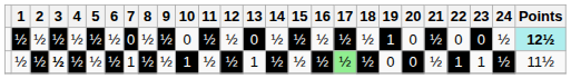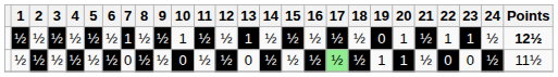 <table class="wikitable" style="text-align:center">
 <tr>
 <th></th>
 <th>1</th>
 <th>2</th>
 <th>3</th>
 <th>4</th>
 <th>5</th>
 <th>6</th>
 <th>7</th>
 <th>8</th>
 <th>9</th>
 <th>10</th>
 <th>11</th>
 <th>12</th>
 <th>13</th>
 <th>14</th>
 <th>15</th>
 <th>16</th>
 <th>17</th>
 <th>18</th>
 <th>19</th>
 <th>20</th>
 <th>21</th>
 <th>22</th>
 <th>23</th>
 <th>24</th>
 <th>Points</th>
 </tr>
 <tr>
 <td align=left></td>
 <td style="background:black; color:white">½</td>
 <td>½</td>
 <td style="background:black; color:white">½</td>
 <td>½</td>
 <td style="background:black; color:white">½</td>
 <td>½</td>
+<td style="background:black; color:white">1</td>
+<td>½</td>
+<td style="background:black; color:white">½</td>
+<td>1</td>
+<td style="background:black; color:white">½</td>
+<td>½</td>
+<td style="background:black; color:white">1</td>
+<td>½</td>
+<td style="background:black; color:white">½</td>
+<td>½</td>
+<td style="background:black; color:white">½</td>
+<td>½</td>
 <td style="background:black; color:white">0</td>
+<td>1</td>
+<td style="background:black; color:white">½</td>
+<td>1</td>
+<td style="background:black; color:white">1</td>
+<td>½</td>
+<td><strong>12½</strong></td>
+</tr>
+<tr>
+<td align=left></td>
+<td>½</td>
+<td style="background:black; color:white">½</td>
+<td>½</td>
+<td style="background:black; color:white">½</td>
 <td>½</td>
 <td style="background:black; color:white">½</td>
 <td>0</td>
 <td style="background:black; color:white">½</td>
 <td>½</td>
 <td style="background:black; color:white">0</td>
 <td>½</td>
 <td style="background:black; color:white">½</td>
-<td>½</td>
-<td style="background:black; color:white">½</td>
-<td>½</td>
-<td style="background:black; color:white">1</td>
 <td>0</td>
-<td style="background:black; color:white">½</td>
-<td>0</td>
-<td style="background:black; color:white">0</td>
-<td>½</td>
-<td style="background: paleturquoise;"><strong>12½</strong></td>
-</tr>
-<tr>
-<td align=left></td>
-<td>½</td>
-<td style="background:black; color:white">½</td>
-<td><strong>½</strong></td>
-<td style="background:black; color:white">½</td>
-<td>½</td>
-<td style="background:black; color:white">½</td>
-<td>1</td>
-<td style="background:black; color:white">½</td>
-<td>½</td>
-<td style="background:black; color:white">1</td>
-<td>½</td>
-<td style="background:black; color:white">½</td>
-<td>1</td>
 <td style="background:black; color:white">½</td>
 <td>½</td>
 <td style="background:black; color:white">½</td>
 <td style="background: lightgreen;">½</td>
 <td style="background:black; color:white">½</td>
+<td>1</td>
+<td style="background:black; color:white">1</td>
+<td>½</td>
+<td style="background:black; color:white">0</td>
 <td>0</td>
-<td style="background:black; color:white">0</td>
-<td>½</td>
-<td style="background:black; color:white">1</td>
-<td>1</td>
 <td style="background:black; color:white">½</td>
 <td>11½</td>
 </tr>
 <tr>
 </tr>
 </table>
